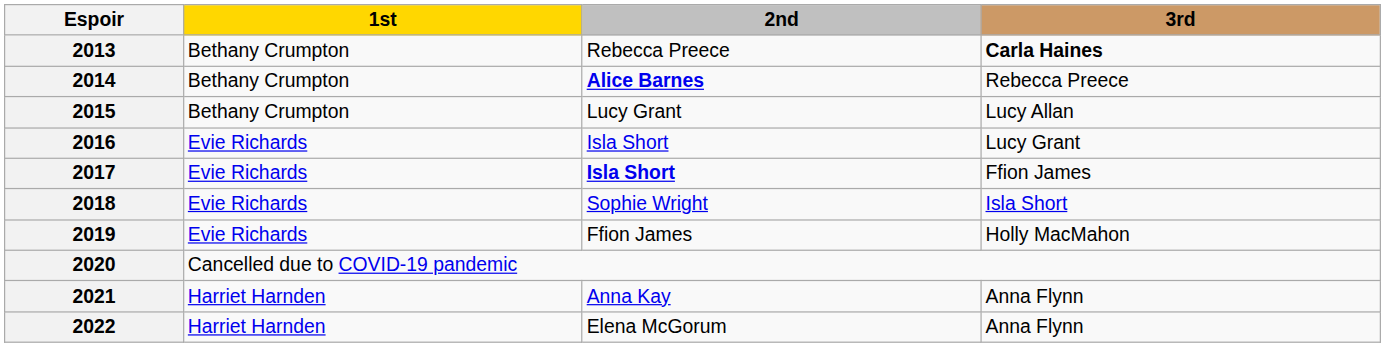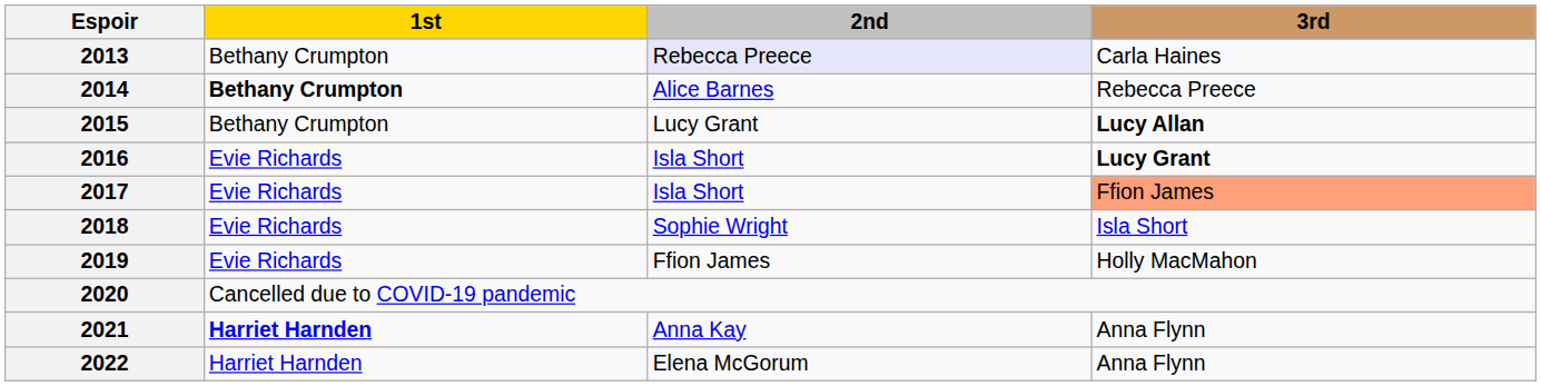 <table class="wikitable" style="width:90%;">
 <tr>
 <th>Espoir</th>
 <th style="width:29%; background:gold;">1st</th>
 <th style="width:29%; background:silver;">2nd</th>
 <th style="width:29%; background:#c96;">3rd</th>
 </tr>
 <tr>
 <th>2013</th>
 <td>Bethany Crumpton</td>
-<td>Rebecca Preece</td>
-<td><strong>Carla Haines</strong></td>
+<td style="background: lavender;">Rebecca Preece</td>
+<td>Carla Haines</td>
 </tr>
 <tr>
 <th>2014</th>
-<td>Bethany Crumpton</td>
-<td><strong><a href='#'>Alice Barnes</a></strong></td>
+<td><strong>Bethany Crumpton</strong></td>
+<td><a href='#'>Alice Barnes</a></td>
 <td>Rebecca Preece</td>
 </tr>
 <tr>
 <th>2015</th>
 <td>Bethany Crumpton</td>
 <td>Lucy Grant</td>
-<td>Lucy Allan</td>
+<td><strong>Lucy Allan</strong></td>
 </tr>
 <tr>
 <th>2016</th>
 <td><a href='#'>Evie Richards</a></td>
 <td><a href='#'>Isla Short</a></td>
-<td>Lucy Grant</td>
+<td><strong>Lucy Grant</strong></td>
 </tr>
 <tr>
 <th>2017</th>
 <td><a href='#'>Evie Richards</a></td>
-<td><strong><a href='#'>Isla Short</a></strong></td>
-<td>Ffion James</td>
+<td><a href='#'>Isla Short</a></td>
+<td style="background: lightsalmon;">Ffion James</td>
 </tr>
 <tr>
 <th>2018</th>
 <td><a href='#'>Evie Richards</a></td>
 <td><a href='#'>Sophie Wright</a></td>
 <td><a href='#'>Isla Short</a></td>
 </tr>
 <tr>
 <th>2019</th>
 <td><a href='#'>Evie Richards</a></td>
 <td>Ffion James</td>
 <td>Holly MacMahon</td>
 </tr>
 <tr>
 <th>2020</th>
 <td colspan=3>Cancelled due to <a href='#'>COVID-19 pandemic</a></td>
 </tr>
 <tr>
 <th>2021</th>
-<td><a href='#'>Harriet Harnden</a></td>
+<td><strong><a href='#'>Harriet Harnden</a></strong></td>
 <td><a href='#'>Anna Kay</a></td>
 <td>Anna Flynn</td>
 </tr>
 <tr>
 <th>2022</th>
 <td><a href='#'>Harriet Harnden</a></td>
 <td>Elena McGorum</td>
 <td>Anna Flynn</td>
 </tr>
 </table>
